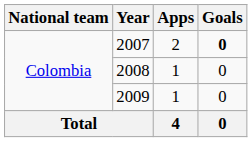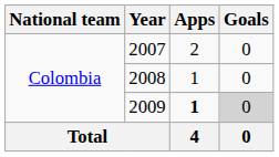 <table class="wikitable" style="text-align:center">
 <tr>
 <th>National team</th>
 <th>Year</th>
 <th>Apps</th>
 <th>Goals</th>
 </tr>
 <tr>
 <td rowspan="3"><a href='#'>Colombia</a></td>
 <td>2007</td>
 <td>2</td>
-<td><strong>0</strong></td>
+<td>0</td>
 </tr>
 <tr>
 <td>2008</td>
 <td>1</td>
 <td>0</td>
 </tr>
 <tr>
 <td>2009</td>
-<td>1</td>
-<td>0</td>
+<td><strong>1</strong></td>
+<td style="background: lightgrey;">0</td>
 </tr>
 <tr>
 <th colspan="2">Total</th>
 <th>4</th>
 <th>0</th>
 </tr>
 </table>
